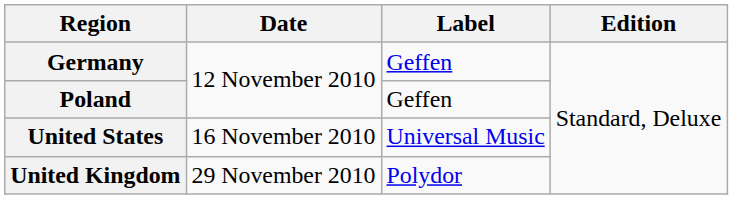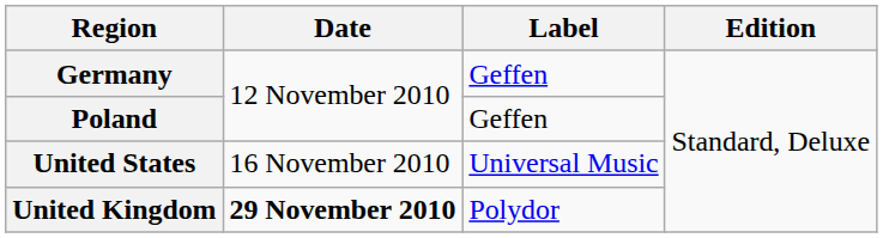 <table class="wikitable plainrowheaders">
 <tr>
 <th scope="col">Region</th>
 <th scope="col">Date</th>
 <th scope="col">Label</th>
 <th scope="col">Edition</th>
 </tr>
 <tr>
 <th scope="row">Germany</th>
 <td rowspan="2">12 November 2010</td>
 <td><a href='#'>Geffen</a></td>
 <td rowspan="4">Standard, Deluxe</td>
 </tr>
 <tr>
 <th scope="row">Poland</th>
 <td>Geffen</td>
 </tr>
 <tr>
 <th scope="row">United States</th>
 <td>16 November 2010</td>
 <td><a href='#'>Universal Music</a></td>
 </tr>
 <tr>
 <th scope="row">United Kingdom</th>
-<td>29 November 2010</td>
+<td><strong>29 November 2010</strong></td>
 <td><a href='#'>Polydor</a></td>
 </tr>
 </table>
